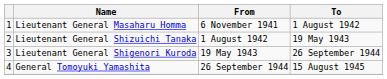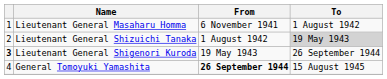 <table class=wikitable>
 <tr>
 <th></th>
 <th>Name</th>
 <th>From</th>
 <th>To</th>
 </tr>
 <tr>
 <td>1</td>
 <td>Lieutenant General <a href='#'>Masaharu Homma</a></td>
 <td>6 November 1941</td>
 <td>1 August 1942</td>
 </tr>
 <tr>
 <td>2</td>
 <td>Lieutenant General <a href='#'>Shizuichi Tanaka</a></td>
 <td>1 August 1942</td>
-<td>19 May 1943</td>
+<td style="background: lightgrey;">19 May 1943</td>
 </tr>
 <tr>
-<td>3</td>
+<td><strong>3</strong></td>
 <td>Lieutenant General <a href='#'>Shigenori Kuroda</a></td>
 <td>19 May 1943</td>
 <td>26 September 1944</td>
 </tr>
 <tr>
 <td>4</td>
 <td>General <a href='#'>Tomoyuki Yamashita</a></td>
-<td>26 September 1944</td>
+<td><strong>26 September 1944</strong></td>
 <td>15 August 1945</td>
 </tr>
 <tr>
 </tr>
 </table>
